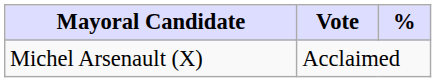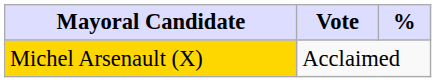 <table class="wikitable">
 <tr>
 <th style="background:#ddf; width:200px;">Mayoral Candidate </th>
 <th style="background:#ddf; width:50px;">Vote</th>
 <th style="background:#ddf; width:30px;">%</th>
 </tr>
 <tr>
-<td>Michel Arsenault (X)</td>
+<td style="background: gold;">Michel Arsenault (X)</td>
 <td colspan="2">Acclaimed</td>
 </tr>
 </table>
